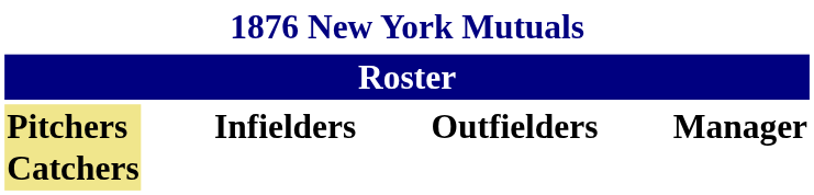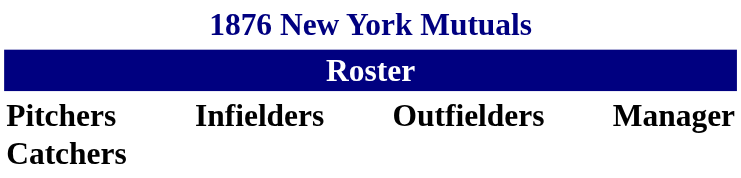 <table class="toccolours" style="font-size: 95%;">
 <tr>
 <th colspan="10" style="background-color: white; color: navy; text-align: center;">1876 New York Mutuals</th>
 </tr>
 <tr>
 <td colspan="10" style="background-color: navy; color: white; text-align: center;"><strong>Roster</strong></td>
 </tr>
 <tr>
-<td valign="top" style="background: khaki;"><strong>Pitchers</strong><br>  <strong>Catchers</strong>  </td>
+<td valign="top"><strong>Pitchers</strong><br>  <strong>Catchers</strong>  </td>
 <td width="25px"></td>
 <td valign="top"><strong>Infielders</strong><br>           </td>
 <td width="25px"></td>
 <td valign="top"><strong>Outfielders</strong><br>       </td>
 <td width="25px"></td>
 <td valign="top"><strong>Manager</strong><br></td>
 </tr>
 <tr>
 </tr>
 </table>
